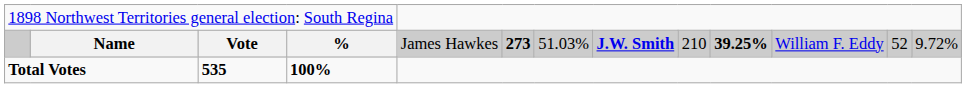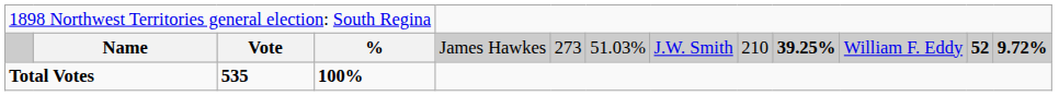 <table class="wikitable">
 <tr>
 <td colspan=4 align=center><a href='#'>1898 Northwest Territories general election</a>: <a href='#'>South Regina</a></td>
 </tr>
 <tr bgcolor="CCCCCC">
 <td></td>
 <th><strong>Name </strong></th>
 <th><strong>Vote</strong></th>
 <th><strong>%</strong><br></th>
 <td>James Hawkes</td>
-<td><strong>273</strong></td>
+<td>273</td>
 <td>51.03%<br></td>
-<td><strong><a href='#'>J.W. Smith</a></strong></td>
+<td><a href='#'>J.W. Smith</a></td>
 <td>210</td>
 <td><strong>39.25%<br></strong></td>
 <td><a href='#'>William F. Eddy</a></td>
-<td>52</td>
-<td>9.72%</td>
+<td><strong>52</strong></td>
+<td><strong>9.72%</strong></td>
 </tr>
 <tr>
 <td colspan=2><strong>Total Votes</strong></td>
 <td><strong>535</strong></td>
 <td alignment="left"><strong>100%</strong></td>
 </tr>
 </table>
